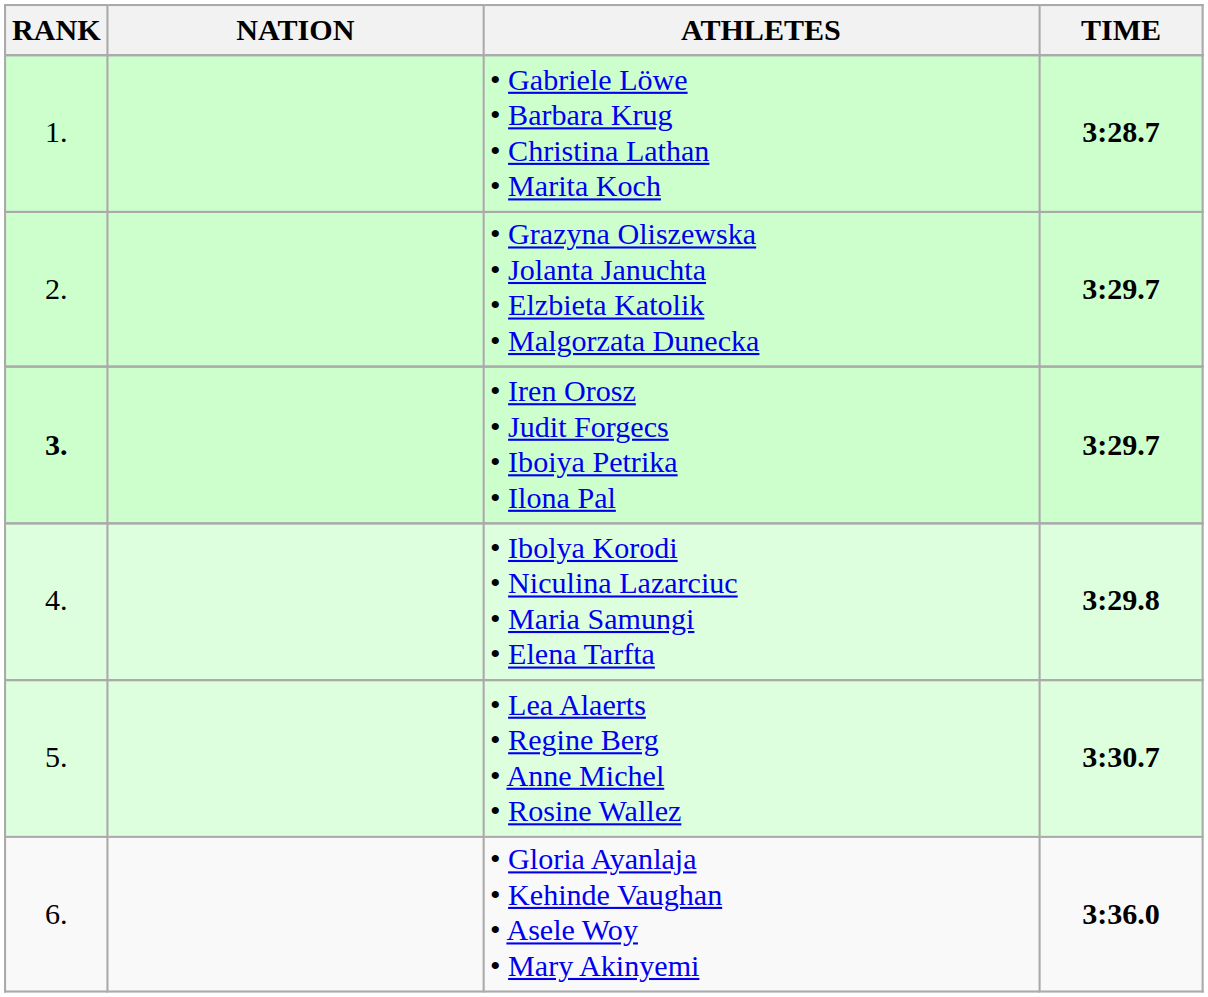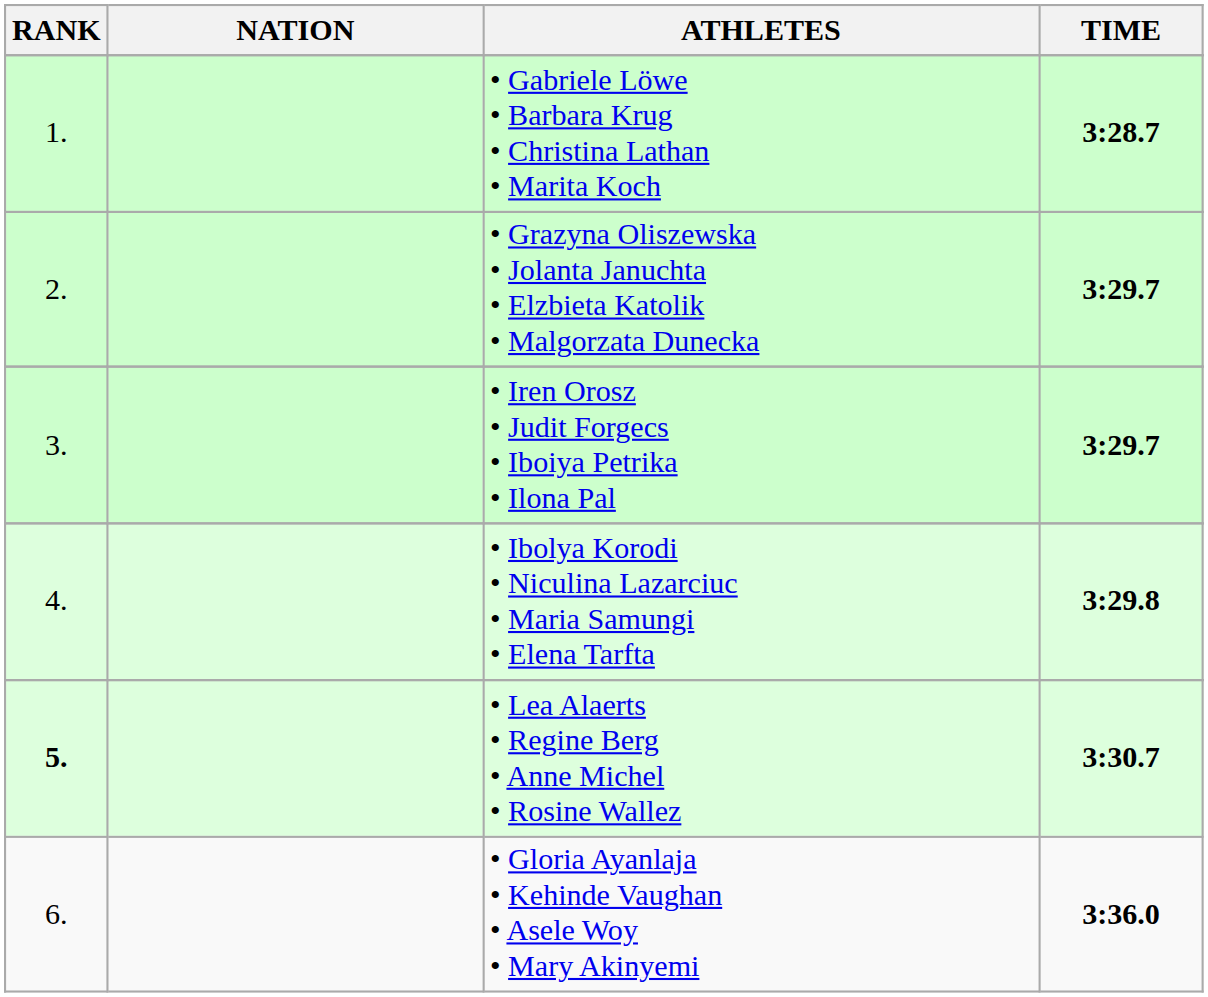 <table class="wikitable" style="border-collapse: collapse; font-size: 90%;">
 <tr>
 <th>RANK</th>
 <th style="width: 12em">NATION</th>
 <th style="width: 18em">ATHLETES</th>
 <th style="width: 5em">TIME</th>
 </tr>
 <tr>
 </tr>
 <tr style="background:#ccffcc;">
 <td align="center">1.</td>
 <td align="center"></td>
 <td>• <a href='#'>Gabriele Löwe</a><br>• <a href='#'>Barbara Krug</a><br>• <a href='#'>Christina Lathan</a><br>• <a href='#'>Marita Koch</a></td>
 <td align="center"><strong>3:28.7</strong></td>
 </tr>
 <tr>
 </tr>
 <tr style="background:#ccffcc;">
 <td align="center">2.</td>
 <td align="center"></td>
 <td>• <a href='#'>Grazyna Oliszewska</a><br>• <a href='#'>Jolanta Januchta</a><br>• <a href='#'>Elzbieta Katolik</a><br>• <a href='#'>Malgorzata Dunecka</a></td>
 <td align="center"><strong>3:29.7</strong></td>
 </tr>
 <tr>
 </tr>
 <tr style="background:#ccffcc;">
-<td align="center"><strong>3.</strong></td>
+<td align="center">3.</td>
 <td align="center"></td>
 <td>• <a href='#'>Iren Orosz</a><br>• <a href='#'>Judit Forgecs</a><br>• <a href='#'>Iboiya Petrika</a><br>• <a href='#'>Ilona Pal</a></td>
 <td align="center"><strong>3:29.7</strong></td>
 </tr>
 <tr>
 </tr>
 <tr style="background:#ddffdd;">
 <td align="center">4.</td>
 <td align="center"></td>
 <td>• <a href='#'>Ibolya Korodi</a><br>• <a href='#'>Niculina Lazarciuc</a><br>• <a href='#'>Maria Samungi</a><br>• <a href='#'>Elena Tarfta</a></td>
 <td align="center"><strong>3:29.8</strong></td>
 </tr>
 <tr>
 </tr>
 <tr style="background:#ddffdd;">
-<td align="center">5.</td>
+<td align="center"><strong>5.</strong></td>
 <td align="center"></td>
 <td>• <a href='#'>Lea Alaerts</a><br>• <a href='#'>Regine Berg</a><br>• <a href='#'>Anne Michel</a><br>• <a href='#'>Rosine Wallez</a></td>
 <td align="center"><strong>3:30.7</strong></td>
 </tr>
 <tr>
 <td align="center">6.</td>
 <td align="center"></td>
 <td>• <a href='#'>Gloria Ayanlaja</a><br>• <a href='#'>Kehinde Vaughan</a><br>• <a href='#'>Asele Woy</a><br>• <a href='#'>Mary Akinyemi</a></td>
 <td align="center"><strong>3:36.0</strong></td>
 </tr>
 </table>
